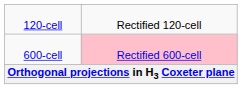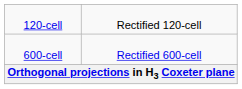 <table class=wikitable align=right>
 <tr align=center valign=top>
 <td><br><a href='#'>120-cell</a><br></td>
 <td><br>Rectified 120-cell<br></td>
 </tr>
 <tr align=center valign=top>
 <td><br><a href='#'>600-cell</a><br></td>
-<td style="background: pink;"><br><a href='#'>Rectified 600-cell</a><br></td>
+<td><br><a href='#'>Rectified 600-cell</a><br></td>
 </tr>
 <tr>
 <th colspan=4><a href='#'>Orthogonal projections</a> in H<sub>3</sub> <a href='#'>Coxeter plane</a></th>
 </tr>
 </table>
